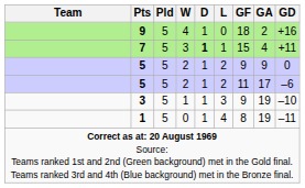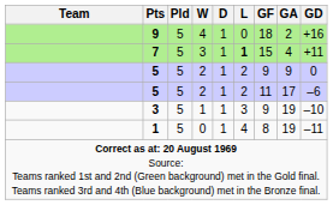 <table class="wikitable" style="text-align:center;">
 <tr>
 <th width=175>Team</th>
 <th width=20  abbr="Points">Pts</th>
 <th width=20  abbr="Played">Pld</th>
 <th width=20  abbr="Won">W</th>
 <th width=20  abbr="Drawn">D</th>
 <th width=20  abbr="Lost">L</th>
 <th width=20  abbr="Goals for">GF</th>
 <th width=20  abbr="Goals against">GA</th>
 <th width=20  abbr="Goal difference">GD</th>
 </tr>
 <tr style="background: #B0EE90;">
 <td align=left></td>
 <td><strong>9</strong></td>
 <td>5</td>
 <td>4</td>
 <td>1</td>
 <td>0</td>
 <td>18</td>
 <td>2</td>
 <td>+16</td>
 </tr>
 <tr style="background: #B0EE90;">
 <td align=left></td>
 <td><strong>7</strong></td>
 <td>5</td>
 <td>3</td>
+<td>1</td>
 <td><strong>1</strong></td>
-<td>1</td>
 <td>15</td>
 <td>4</td>
 <td>+11</td>
 </tr>
 <tr style="background:#ccccff;">
 <td align=left></td>
 <td><strong>5</strong></td>
 <td>5</td>
 <td>2</td>
 <td>1</td>
 <td>2</td>
 <td>9</td>
 <td>9</td>
 <td>0</td>
 </tr>
 <tr style="background:#ccccff;">
 <td align=left></td>
 <td><strong>5</strong></td>
 <td>5</td>
 <td>2</td>
 <td>1</td>
 <td>2</td>
 <td>11</td>
 <td>17</td>
 <td>–6</td>
 </tr>
 <tr>
 <td align=left></td>
 <td><strong>3</strong></td>
 <td>5</td>
 <td>1</td>
 <td>1</td>
 <td>3</td>
 <td>9</td>
 <td>19</td>
 <td>–10</td>
 </tr>
 <tr>
 <td align=left></td>
 <td><strong>1</strong></td>
 <td>5</td>
 <td>0</td>
 <td>1</td>
 <td>4</td>
 <td>8</td>
 <td>19</td>
 <td>–11</td>
 </tr>
 <tr bgcolor="#f9f9f9" align=center>
 <td colspan="9" style="border:0px"><small><strong>Correct as at: 20 August 1969</strong> <br>Source: </small><br> <small>Teams ranked 1st and 2nd <span>(Green background)</span> met in the Gold final.</small><br>  <small>Teams ranked 3rd and 4th <span>(Blue background)</span> met in the Bronze final.</small></td>
 </tr>
 </table>
